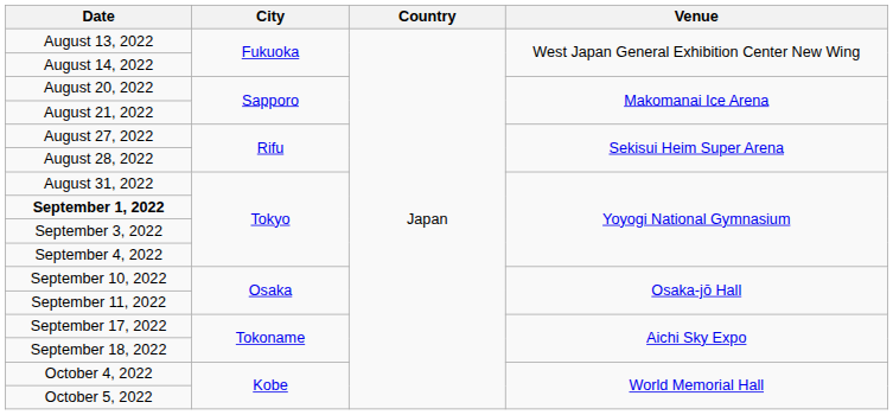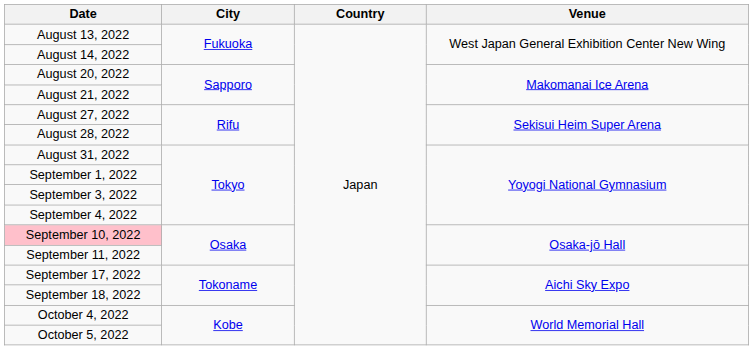 <table class="wikitable" style="text-align:center;">
 <tr>
 <th scope="col" style="width:12em;">Date</th>
 <th scope="col" style="width:10em;">City</th>
 <th scope="col" style="width:10em;">Country</th>
 <th scope="col" style="width:25em;">Venue</th>
 </tr>
 <tr>
 <td>August 13, 2022</td>
 <td rowspan="2"><a href='#'>Fukuoka</a></td>
 <td rowspan="16">Japan</td>
 <td rowspan="2">West Japan General Exhibition Center New Wing</td>
 </tr>
 <tr>
 <td>August 14, 2022</td>
 </tr>
 <tr>
 <td>August 20, 2022</td>
 <td rowspan="2"><a href='#'>Sapporo</a></td>
 <td rowspan="2"><a href='#'>Makomanai Ice Arena</a></td>
 </tr>
 <tr>
 <td>August 21, 2022</td>
 </tr>
 <tr>
 <td>August 27, 2022</td>
 <td rowspan="2"><a href='#'>Rifu</a></td>
 <td rowspan="2"><a href='#'>Sekisui Heim Super Arena</a></td>
 </tr>
 <tr>
 <td>August 28, 2022</td>
 </tr>
 <tr>
 <td>August 31, 2022</td>
 <td rowspan="4"><a href='#'>Tokyo</a></td>
 <td rowspan="4"><a href='#'>Yoyogi National Gymnasium</a></td>
 </tr>
 <tr>
-<td><strong>September 1, 2022</strong></td>
+<td>September 1, 2022</td>
 </tr>
 <tr>
 <td>September 3, 2022</td>
 </tr>
 <tr>
 <td>September 4, 2022</td>
 </tr>
 <tr>
-<td>September 10, 2022</td>
+<td style="background: pink;">September 10, 2022</td>
 <td rowspan="2"><a href='#'>Osaka</a></td>
 <td rowspan="2"><a href='#'>Osaka-jō Hall</a></td>
 </tr>
 <tr>
 <td>September 11, 2022</td>
 </tr>
 <tr>
 <td>September 17, 2022</td>
 <td rowspan="2"><a href='#'>Tokoname</a></td>
 <td rowspan="2"><a href='#'>Aichi Sky Expo</a></td>
 </tr>
 <tr>
 <td>September 18, 2022</td>
 </tr>
 <tr>
 <td>October 4, 2022</td>
 <td rowspan="2"><a href='#'>Kobe</a></td>
 <td rowspan="2"><a href='#'>World Memorial Hall</a></td>
 </tr>
 <tr>
 <td>October 5, 2022</td>
 </tr>
 </table>
